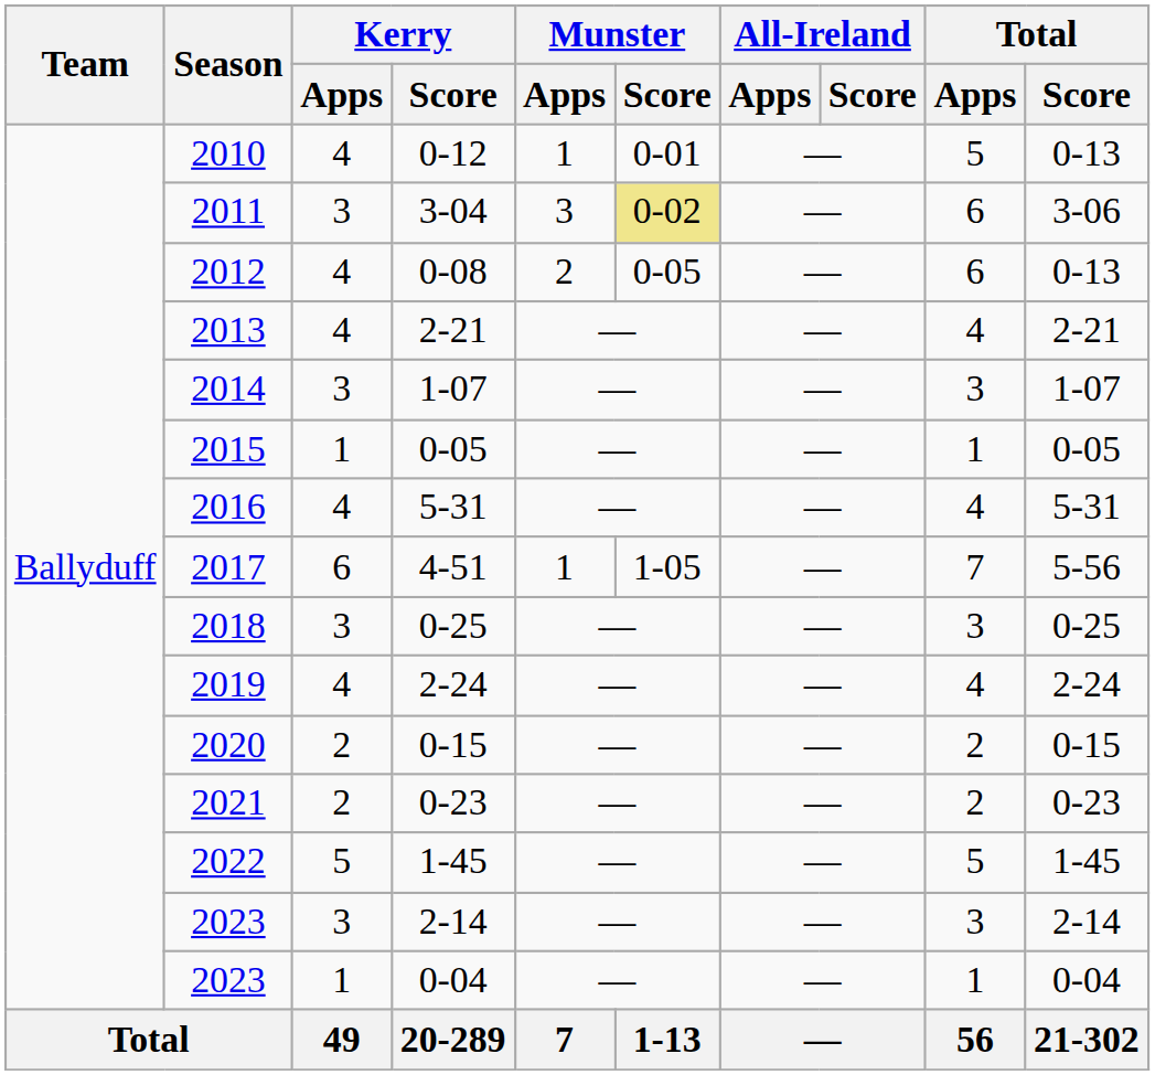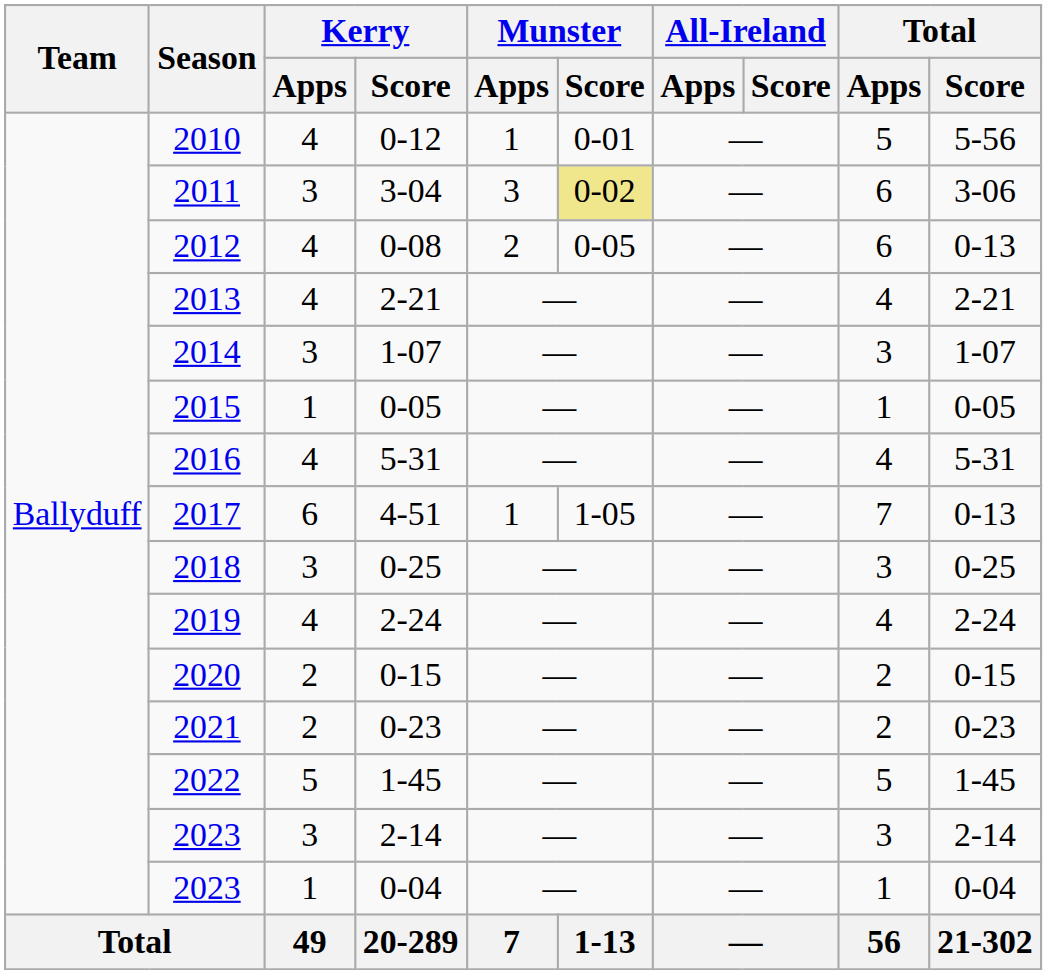 <table class="wikitable" style="text-align:center">
 <tr>
 <th rowspan="2">Team</th>
 <th rowspan="2">Season</th>
 <th colspan="2"><a href='#'>Kerry</a></th>
 <th colspan="2"><a href='#'>Munster</a></th>
 <th colspan="2"><a href='#'>All-Ireland</a></th>
 <th colspan="2">Total</th>
 </tr>
 <tr>
 <th>Apps</th>
 <th>Score</th>
 <th>Apps</th>
 <th>Score</th>
 <th>Apps</th>
 <th>Score</th>
 <th>Apps</th>
 <th>Score</th>
 </tr>
 <tr>
 <td rowspan="15"><a href='#'>Ballyduff</a></td>
 <td><a href='#'>2010</a></td>
 <td>4</td>
 <td>0-12</td>
 <td>1</td>
 <td>0-01</td>
 <td colspan=2>—</td>
 <td>5</td>
-<td>0-13</td>
+<td>5-56</td>
 </tr>
 <tr>
 <td><a href='#'>2011</a></td>
 <td>3</td>
 <td>3-04</td>
 <td>3</td>
 <td style="background: khaki;">0-02</td>
 <td colspan=2>—</td>
 <td>6</td>
 <td>3-06</td>
 </tr>
 <tr>
 <td><a href='#'>2012</a></td>
 <td>4</td>
 <td>0-08</td>
 <td>2</td>
 <td>0-05</td>
 <td colspan=2>—</td>
 <td>6</td>
 <td>0-13</td>
 </tr>
 <tr>
 <td><a href='#'>2013</a></td>
 <td>4</td>
 <td>2-21</td>
 <td colspan=2>—</td>
 <td colspan=2>—</td>
 <td>4</td>
 <td>2-21</td>
 </tr>
 <tr>
 <td><a href='#'>2014</a></td>
 <td>3</td>
 <td>1-07</td>
 <td colspan=2>—</td>
 <td colspan=2>—</td>
 <td>3</td>
 <td>1-07</td>
 </tr>
 <tr>
 <td><a href='#'>2015</a></td>
 <td>1</td>
 <td>0-05</td>
 <td colspan=2>—</td>
 <td colspan=2>—</td>
 <td>1</td>
 <td>0-05</td>
 </tr>
 <tr>
 <td><a href='#'>2016</a></td>
 <td>4</td>
 <td>5-31</td>
 <td colspan=2>—</td>
 <td colspan=2>—</td>
 <td>4</td>
 <td>5-31</td>
 </tr>
 <tr>
 <td><a href='#'>2017</a></td>
 <td>6</td>
 <td>4-51</td>
 <td>1</td>
 <td>1-05</td>
 <td colspan=2>—</td>
 <td>7</td>
-<td>5-56</td>
+<td>0-13</td>
 </tr>
 <tr>
 <td><a href='#'>2018</a></td>
 <td>3</td>
 <td>0-25</td>
 <td colspan=2>—</td>
 <td colspan=2>—</td>
 <td>3</td>
 <td>0-25</td>
 </tr>
 <tr>
 <td><a href='#'>2019</a></td>
 <td>4</td>
 <td>2-24</td>
 <td colspan=2>—</td>
 <td colspan=2>—</td>
 <td>4</td>
 <td>2-24</td>
 </tr>
 <tr>
 <td><a href='#'>2020</a></td>
 <td>2</td>
 <td>0-15</td>
 <td colspan=2>—</td>
 <td colspan=2>—</td>
 <td>2</td>
 <td>0-15</td>
 </tr>
 <tr>
 <td><a href='#'>2021</a></td>
 <td>2</td>
 <td>0-23</td>
 <td colspan=2>—</td>
 <td colspan=2>—</td>
 <td>2</td>
 <td>0-23</td>
 </tr>
 <tr>
 <td><a href='#'>2022</a></td>
 <td>5</td>
 <td>1-45</td>
 <td colspan=2>—</td>
 <td colspan=2>—</td>
 <td>5</td>
 <td>1-45</td>
 </tr>
 <tr>
 <td><a href='#'>2023</a></td>
 <td>3</td>
 <td>2-14</td>
 <td colspan=2>—</td>
 <td colspan=2>—</td>
 <td>3</td>
 <td>2-14</td>
 </tr>
 <tr>
 <td><a href='#'>2023</a></td>
 <td>1</td>
 <td>0-04</td>
 <td colspan=2>—</td>
 <td colspan=2>—</td>
 <td>1</td>
 <td>0-04</td>
 </tr>
 <tr>
 <th colspan="2">Total</th>
 <th>49</th>
 <th>20-289</th>
 <th>7</th>
 <th>1-13</th>
 <th colspan=2>—</th>
 <th>56</th>
 <th>21-302</th>
 </tr>
 </table>
